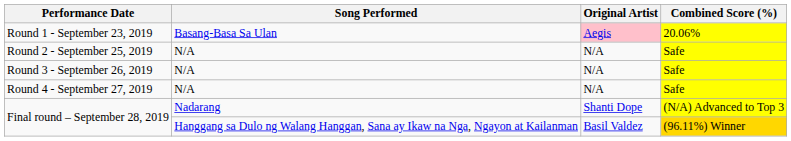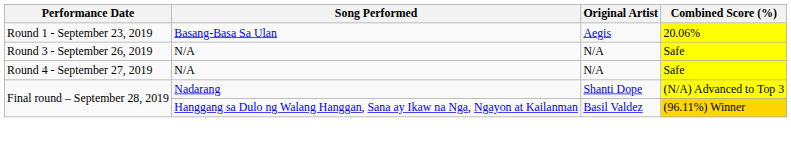 <table class="wikitable">
 <tr>
 <th>Performance Date</th>
 <th>Song Performed</th>
 <th>Original Artist</th>
 <th>Combined Score (%)</th>
 </tr>
 <tr>
 <td>Round 1 - September 23, 2019</td>
 <td><a href='#'>Basang-Basa Sa Ulan</a></td>
-<td style="background: pink;"><a href='#'>Aegis</a></td>
+<td><a href='#'>Aegis</a></td>
 <td style="background:yellow;">20.06%</td>
-</tr>
-<tr>
-<td>Round 2 - September 25, 2019</td>
-<td>N/A</td>
-<td>N/A</td>
-<td style="background:yellow;">Safe</td>
 </tr>
 <tr>
 <td>Round 3 - September 26, 2019</td>
 <td>N/A</td>
 <td>N/A</td>
 <td style="background:yellow;">Safe</td>
 </tr>
 <tr>
 <td>Round 4 - September 27, 2019</td>
 <td>N/A</td>
 <td>N/A</td>
 <td style="background:yellow;">Safe</td>
 </tr>
 <tr>
 <td rowspan="2">Final round – September 28, 2019</td>
 <td><a href='#'>Nadarang</a></td>
 <td><a href='#'>Shanti Dope</a></td>
 <td style="background:yellow;">(N/A) Advanced to Top 3</td>
 </tr>
 <tr>
 <td><a href='#'>Hanggang sa Dulo ng Walang Hanggan</a>, <a href='#'>Sana ay Ikaw na Nga</a>, <a href='#'>Ngayon at Kailanman</a></td>
 <td><a href='#'>Basil Valdez</a></td>
 <td style="background:gold;">(96.11%) Winner</td>
 </tr>
 </table>
